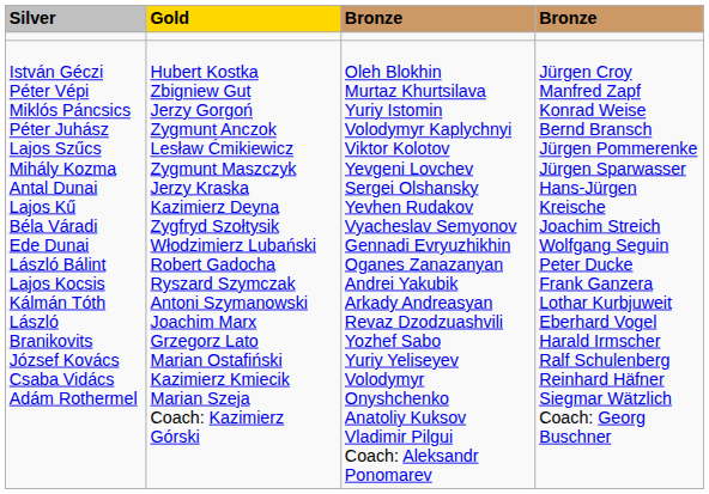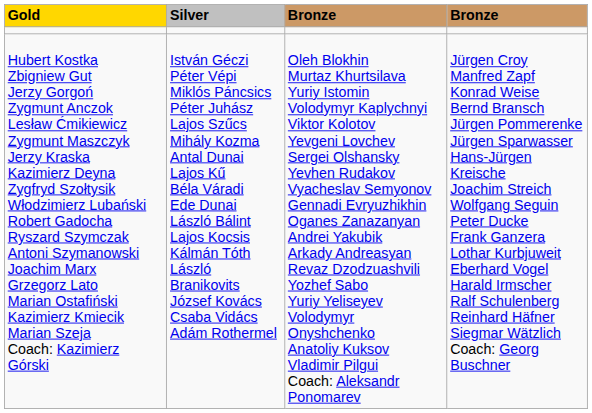 <table class="wikitable">
 <tr>
+<td !align="center" bgcolor="gold" width=175><strong>Gold</strong></td>
 <td !align="center" bgcolor="silver" width=125><strong>Silver</strong></td>
-<td !align="center" bgcolor="gold" width=175><strong>Gold</strong></td>
 <td !align="center" bgcolor="CC9966" width=175><strong>Bronze</strong></td>
 <td !align="center" bgcolor="CC9966" width=150><strong>Bronze</strong></td>
 </tr>
 <tr>
 <td></td>
 <td></td>
 <td></td>
 <td></td>
 </tr>
 <tr>
+<td valign="top"><br><a href='#'>Hubert Kostka</a><br> <a href='#'>Zbigniew Gut</a><br> <a href='#'>Jerzy Gorgoń</a><br> <a href='#'>Zygmunt Anczok</a><br> <a href='#'>Lesław Ćmikiewicz</a><br> <a href='#'>Zygmunt Maszczyk</a><br> <a href='#'>Jerzy Kraska</a><br> <a href='#'>Kazimierz Deyna</a><br> <a href='#'>Zygfryd Szołtysik</a><br> <a href='#'>Włodzimierz Lubański</a><br> <a href='#'>Robert Gadocha</a><br> <a href='#'>Ryszard Szymczak</a><br> <a href='#'>Antoni Szymanowski</a><br> <a href='#'>Joachim Marx</a><br> <a href='#'>Grzegorz Lato</a><br> <a href='#'>Marian Ostafiński</a><br> <a href='#'>Kazimierz Kmiecik</a><br> <a href='#'>Marian Szeja</a><br> Coach: <a href='#'>Kazimierz Górski</a></td>
 <td valign="top"><br><a href='#'>István Géczi</a><br> <a href='#'>Péter Vépi</a><br> <a href='#'>Miklós Páncsics</a><br> <a href='#'>Péter Juhász</a><br> <a href='#'>Lajos Szűcs</a><br> <a href='#'>Mihály Kozma</a><br> <a href='#'>Antal Dunai</a><br> <a href='#'>Lajos Kű</a><br> <a href='#'>Béla Váradi</a><br> <a href='#'>Ede Dunai</a><br> <a href='#'>László Bálint</a><br> <a href='#'>Lajos Kocsis</a><br> <a href='#'>Kálmán Tóth</a><br> <a href='#'>László Branikovits</a><br> <a href='#'>József Kovács</a><br> <a href='#'>Csaba Vidács</a><br> <a href='#'>Adám Rothermel</a><br></td>
-<td valign="top"><br><a href='#'>Hubert Kostka</a><br> <a href='#'>Zbigniew Gut</a><br> <a href='#'>Jerzy Gorgoń</a><br> <a href='#'>Zygmunt Anczok</a><br> <a href='#'>Lesław Ćmikiewicz</a><br> <a href='#'>Zygmunt Maszczyk</a><br> <a href='#'>Jerzy Kraska</a><br> <a href='#'>Kazimierz Deyna</a><br> <a href='#'>Zygfryd Szołtysik</a><br> <a href='#'>Włodzimierz Lubański</a><br> <a href='#'>Robert Gadocha</a><br> <a href='#'>Ryszard Szymczak</a><br> <a href='#'>Antoni Szymanowski</a><br> <a href='#'>Joachim Marx</a><br> <a href='#'>Grzegorz Lato</a><br> <a href='#'>Marian Ostafiński</a><br> <a href='#'>Kazimierz Kmiecik</a><br> <a href='#'>Marian Szeja</a><br> Coach: <a href='#'>Kazimierz Górski</a></td>
 <td valign="top"><br><a href='#'>Oleh Blokhin</a><br> <a href='#'>Murtaz Khurtsilava</a><br> <a href='#'>Yuriy Istomin</a><br> <a href='#'>Volodymyr Kaplychnyi</a><br> <a href='#'>Viktor Kolotov</a><br> <a href='#'>Yevgeni Lovchev</a><br> <a href='#'>Sergei Olshansky</a><br> <a href='#'>Yevhen Rudakov</a><br> <a href='#'>Vyacheslav Semyonov</a><br> <a href='#'>Gennadi Evryuzhikhin</a><br> <a href='#'>Oganes Zanazanyan</a><br> <a href='#'>Andrei Yakubik</a><br> <a href='#'>Arkady Andreasyan</a><br> <a href='#'>Revaz Dzodzuashvili</a><br> <a href='#'>Yozhef Sabo</a><br> <a href='#'>Yuriy Yeliseyev</a><br> <a href='#'>Volodymyr Onyshchenko</a><br> <a href='#'>Anatoliy Kuksov</a><br> <a href='#'>Vladimir Pilgui</a><br> Coach: <a href='#'>Aleksandr Ponomarev</a></td>
 <td valign="top"><br><a href='#'>Jürgen Croy</a><br> <a href='#'>Manfred Zapf</a><br> <a href='#'>Konrad Weise</a><br> <a href='#'>Bernd Bransch</a><br> <a href='#'>Jürgen Pommerenke</a><br> <a href='#'>Jürgen Sparwasser</a><br> <a href='#'>Hans-Jürgen Kreische</a><br> <a href='#'>Joachim Streich</a><br> <a href='#'>Wolfgang Seguin</a><br> <a href='#'>Peter Ducke</a><br> <a href='#'>Frank Ganzera</a><br> <a href='#'>Lothar Kurbjuweit</a><br> <a href='#'>Eberhard Vogel</a><br> <a href='#'>Harald Irmscher</a><br> <a href='#'>Ralf Schulenberg</a><br> <a href='#'>Reinhard Häfner</a><br> <a href='#'>Siegmar Wätzlich</a><br> Coach: <a href='#'>Georg Buschner</a><br></td>
 </tr>
 </table>
